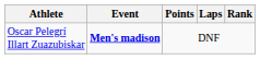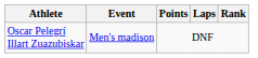 <table class=wikitable style=font-size:90%;text-align:center>
 <tr>
 <th>Athlete</th>
 <th>Event</th>
 <th>Points</th>
 <th>Laps</th>
 <th>Rank</th>
 </tr>
 <tr>
 <td align=left><a href='#'>Oscar Pelegrí</a><br><a href='#'>Illart Zuazubiskar</a></td>
-<td align=left><strong><a href='#'>Men's madison</a></strong></td>
+<td align=left><a href='#'>Men's madison</a></td>
 <td colspan=3>DNF</td>
 </tr>
 </table>
